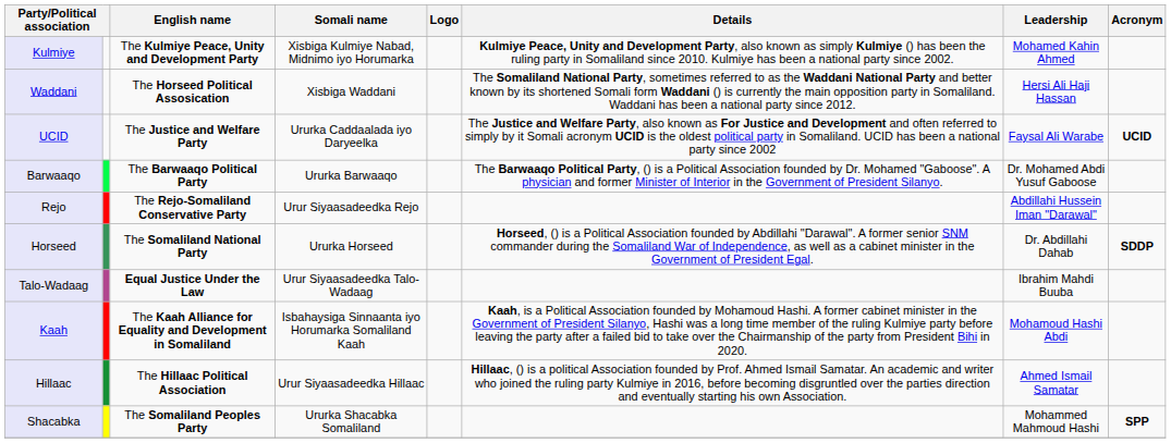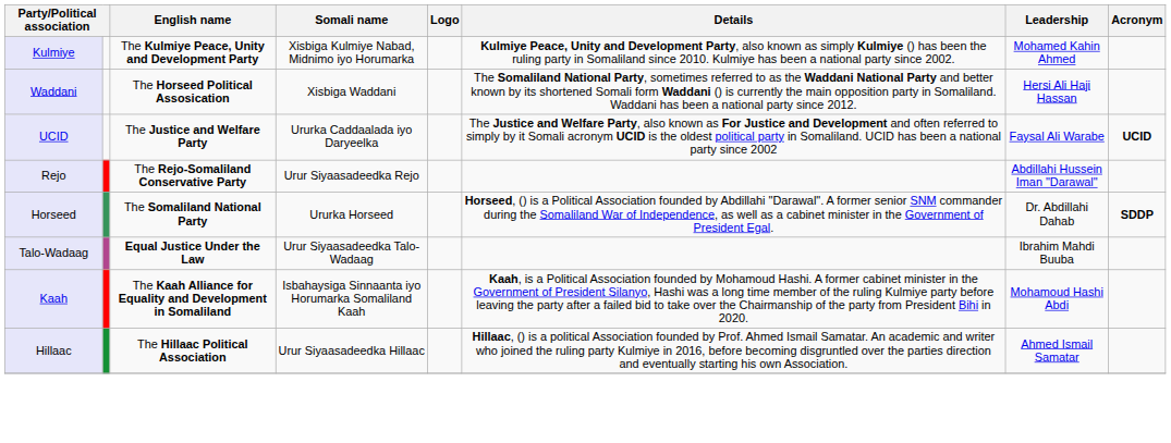 <table class=wikitable style=text-align:center>
 <tr>
 <th colspan="2">Party/Political association</th>
 <th>English name</th>
 <th>Somali name</th>
 <th>Logo</th>
 <th>Details</th>
 <th>Leadership</th>
 <th>Acronym</th>
 </tr>
 <tr>
 <td style="background:lavender;"><a href='#'>Kulmiye</a></td>
 <td style="background-color:"></td>
 <td>The <strong>Kulmiye Peace, Unity and Development Party</strong></td>
 <td>Xisbiga Kulmiye Nabad, Midnimo iyo Horumarka</td>
 <td></td>
 <td><strong>Kulmiye Peace, Unity and Development Party</strong>, also known as simply <strong>Kulmiye</strong> () has been the ruling party in Somaliland since 2010. Kulmiye has been a national party since 2002.</td>
 <td><a href='#'>Mohamed Kahin Ahmed</a><br> </td>
 <td></td>
 </tr>
 <tr>
 <td style="background:lavender;"><a href='#'>Waddani</a></td>
 <td style="background-color:"></td>
 <td>The <strong>Horseed Political Assosication</strong></td>
 <td>Xisbiga Waddani</td>
 <td></td>
 <td>The <strong>Somaliland National Party</strong>, sometimes referred to as the <strong>Waddani National Party</strong> and better known by its shortened Somali form <strong>Waddani</strong> () is currently the main opposition party in Somaliland. Waddani has been a national party since 2012.</td>
 <td><a href='#'>Hersi Ali Haji Hassan</a><br> </td>
 <td></td>
 </tr>
 <tr>
 <td style="background:lavender;"><a href='#'>UCID</a></td>
 <td style="background-color:"></td>
 <td>The <strong>Justice and Welfare Party</strong></td>
 <td>Ururka Caddaalada iyo Daryeelka</td>
 <td></td>
 <td>The <strong>Justice and Welfare Party</strong>, also known as <strong>For Justice and Development</strong> and often referred to simply by it Somali acronym <strong>UCID</strong> is the oldest <a href='#'>political party</a> in Somaliland. UCID has been a national party since 2002</td>
 <td><a href='#'>Faysal Ali Warabe</a><br> </td>
 <td><strong>UCID</strong></td>
-</tr>
-<tr>
-<td style="background:lavender;">Barwaaqo</td>
-<td style="background-color:#00fd49;"></td>
-<td>The <strong>Barwaaqo Political Party</strong></td>
-<td>Ururka Barwaaqo</td>
-<td></td>
-<td>The <strong>Barwaaqo Political Party</strong>, () is a Political Association founded by Dr. Mohamed "Gaboose". A <a href='#'>physician</a> and former <a href='#'>Minister of Interior</a> in the <a href='#'>Government of President Silanyo</a>.</td>
-<td>Dr. Mohamed Abdi Yusuf Gaboose </td>
-<td></td>
 </tr>
 <tr>
 <td style="background:lavender;">Rejo</td>
 <td style="background-color:red;"></td>
 <td>The <strong>Rejo-Somaliland Conservative Party</strong></td>
 <td>Urur Siyaasadeedka Rejo</td>
 <td></td>
 <td></td>
 <td><a href='#'>Abdillahi Hussein Iman "Darawal"</a><br> </td>
 <td></td>
 </tr>
 <tr>
 <td style="background:lavender;">Horseed</td>
 <td style="background-color:#36945a;"></td>
 <td>The <strong>Somaliland National Party</strong></td>
 <td>Ururka Horseed</td>
 <td></td>
 <td><strong>Horseed</strong>, () is a Political Association founded by Abdillahi "Darawal". A former senior <a href='#'>SNM</a> commander during the <a href='#'>Somaliland War of Independence</a>, as well as a cabinet minister in the <a href='#'>Government of President Egal</a>.</td>
 <td>Dr. Abdillahi Dahab<br> </td>
 <td><strong>SDDP</strong></td>
 </tr>
 <tr>
 <td style="background:lavender;">Talo-Wadaag</td>
 <td style="background-color:#b1458e;"></td>
 <td><strong>Equal Justice Under the Law</strong></td>
 <td>Urur Siyaasadeedka Talo-Wadaag</td>
 <td></td>
 <td></td>
 <td>Ibrahim Mahdi Buuba<br> </td>
 <td></td>
 </tr>
 <tr>
 <td style="background:lavender;"><a href='#'>Kaah</a></td>
 <td style="background-color:red;"></td>
 <td>The <strong>Kaah Alliance for Equality and Development in Somaliland</strong></td>
 <td>Isbahaysiga Sinnaanta iyo Horumarka Somaliland Kaah</td>
 <td></td>
 <td><strong>Kaah</strong>, is a Political Association founded by Mohamoud Hashi. A former cabinet minister in the <a href='#'>Government of President Silanyo</a>, Hashi was a long time member of the ruling Kulmiye party before leaving the party after a failed bid to take over the Chairmanship of the party from President <a href='#'>Bihi</a> in 2020.</td>
 <td><a href='#'>Mohamoud Hashi Abdi</a><br> </td>
 <td></td>
 </tr>
 <tr>
 <td style="background:lavender;">Hillaac</td>
 <td style="background-color:#149034;"></td>
 <td>The <strong>Hillaac Political Association</strong></td>
 <td>Urur Siyaasadeedka Hillaac</td>
 <td></td>
 <td><strong>Hillaac</strong>, () is a political Association founded by Prof. Ahmed Ismail Samatar. An academic and writer who joined the ruling party Kulmiye in 2016, before becoming disgruntled over the parties direction and eventually starting his own Association. </td>
 <td><a href='#'>Ahmed Ismail Samatar</a><br> </td>
 <td></td>
 </tr>
 <tr>
-<td style="background:lavender;">Shacabka</td>
-<td style="background-color:yellow;"></td>
-<td>The <strong>Somaliland Peoples Party</strong></td>
-<td>Ururka Shacabka Somaliland</td>
-<td></td>
-<td></td>
-<td>Mohammed Mahmoud Hashi<br> </td>
-<td><strong>SPP</strong></td>
-</tr>
-<tr>
 </tr>
 </table>
